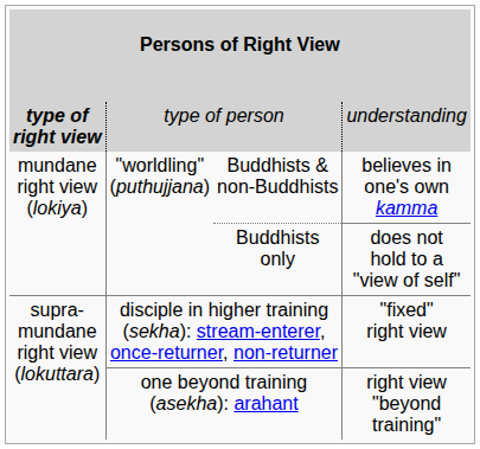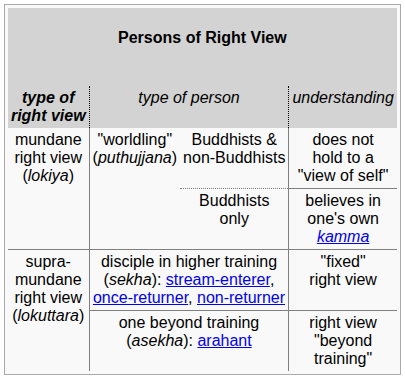 <table class="infobox" cellspacing=0 cellpadding=3 style="text-align:center">
 <tr>
 <td colspan=4 style="background:LightGrey"> <br><span><strong>Persons of Right View</strong></span><br><br> </td>
 </tr>
 <tr>
 <td style="background:LightGrey"><strong><em>type of<br>right view</em></strong></td>
 <td colspan=2 style="border-left:1px dotted black; background:LightGrey"><em>type of person</em></td>
 <td style="border-left:1px dotted black; background:LightGrey"><em>understanding</em></td>
 </tr>
 <tr>
 <td rowspan=2 style="border-bottom:1px solid Gray">mundane<br>right view<br>(<em>lokiya</em>)</td>
 <td rowspan=2 style="border-left:1px solid Gray; border-bottom:1px solid Gray">"worldling"<br>(<em>puthujjana</em>)</td>
 <td style="border-bottom:1px dotted Gray">Buddhists &<br>non-Buddhists</td>
-<td style="border-left:1px solid Gray; border-bottom:1px solid Gray">believes in<br>one's own<br><em><a href='#'>kamma</a></em></td>
+<td style="border-left:1px solid Gray; border-bottom:1px solid Gray">does not<br>hold to a<br>"view of self"</td>
 </tr>
 <tr>
 <td style="border-bottom:1px solid Gray">Buddhists<br>only</td>
-<td style="border-left:1px solid Gray; border-bottom:1px solid Gray">does not<br>hold to a<br>"view of self"</td>
+<td style="border-left:1px solid Gray; border-bottom:1px solid Gray">believes in<br>one's own<br><em><a href='#'>kamma</a></em></td>
 </tr>
 <tr>
 <td rowspan=2>supra-<br>mundane<br>right view<br>(<em>lokuttara</em>)</td>
 <td colspan=2 style="border-left:1px solid Gray; border-bottom:1px solid Gray">disciple in higher training<br>(<em>sekha</em>): <a href='#'>stream-enterer</a>,<br><a href='#'>once-returner</a>, <a href='#'>non-returner</a></td>
 <td style="border-left:1px solid Gray; border-bottom:1px solid Gray">"fixed"<br>right view</td>
 </tr>
 <tr>
 <td colspan=2 style="border-left:1px solid Gray">one beyond training<br>(<em>asekha</em>): <a href='#'>arahant</a></td>
 <td style="border-left:1px solid Gray">right view<br>"beyond<br>training"</td>
 </tr>
 </table>
